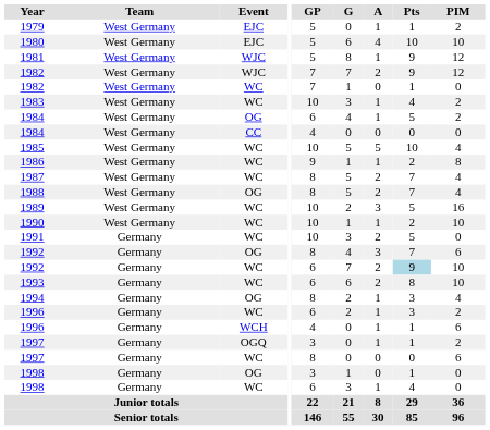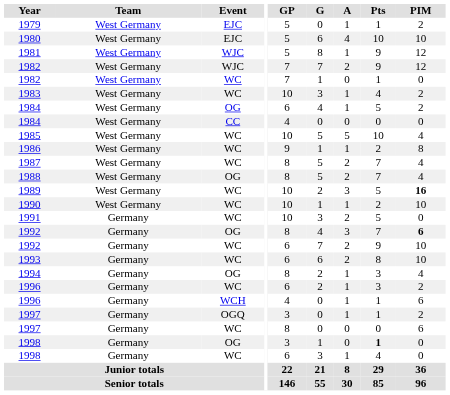 <table border="0" cellpadding="1" cellspacing="0" ID="Table3" style="text-align:center; width:40em">
 <tr bgcolor="#e0e0e0">
 <th>Year</th>
 <th>Team</th>
 <th>Event</th>
 <th rowspan="102" bgcolor="#ffffff"></th>
 <th>GP</th>
 <th>G</th>
 <th>A</th>
 <th>Pts</th>
 <th>PIM</th>
 </tr>
 <tr>
 <td><a href='#'>1979</a></td>
 <td><a href='#'>West Germany</a></td>
 <td><a href='#'>EJC</a></td>
 <td>5</td>
 <td>0</td>
 <td>1</td>
 <td>1</td>
 <td>2</td>
 </tr>
 <tr bgcolor="#f0f0f0">
 <td><a href='#'>1980</a></td>
 <td>West Germany</td>
 <td>EJC</td>
 <td>5</td>
 <td>6</td>
 <td>4</td>
 <td>10</td>
 <td>10</td>
 </tr>
 <tr>
 <td><a href='#'>1981</a></td>
 <td><a href='#'>West Germany</a></td>
 <td><a href='#'>WJC</a></td>
 <td>5</td>
 <td>8</td>
 <td>1</td>
 <td>9</td>
 <td>12</td>
 </tr>
 <tr bgcolor="#f0f0f0">
 <td><a href='#'>1982</a></td>
 <td>West Germany</td>
 <td>WJC</td>
 <td>7</td>
 <td>7</td>
 <td>2</td>
 <td>9</td>
 <td>12</td>
 </tr>
 <tr>
 <td><a href='#'>1982</a></td>
 <td><a href='#'>West Germany</a></td>
 <td><a href='#'>WC</a></td>
 <td>7</td>
 <td>1</td>
 <td>0</td>
 <td>1</td>
 <td>0</td>
 </tr>
 <tr bgcolor="#f0f0f0">
 <td><a href='#'>1983</a></td>
 <td>West Germany</td>
 <td>WC</td>
 <td>10</td>
 <td>3</td>
 <td>1</td>
 <td>4</td>
 <td>2</td>
 </tr>
 <tr>
 <td><a href='#'>1984</a></td>
 <td>West Germany</td>
 <td><a href='#'>OG</a></td>
 <td>6</td>
 <td>4</td>
 <td>1</td>
 <td>5</td>
 <td>2</td>
 </tr>
 <tr bgcolor="#f0f0f0">
 <td><a href='#'>1984</a></td>
 <td>West Germany</td>
 <td><a href='#'>CC</a></td>
 <td>4</td>
 <td>0</td>
 <td>0</td>
 <td>0</td>
 <td>0</td>
 </tr>
 <tr>
 <td><a href='#'>1985</a></td>
 <td>West Germany</td>
 <td>WC</td>
 <td>10</td>
 <td>5</td>
 <td>5</td>
 <td>10</td>
 <td>4</td>
 </tr>
 <tr bgcolor="#f0f0f0">
 <td><a href='#'>1986</a></td>
 <td>West Germany</td>
 <td>WC</td>
 <td>9</td>
 <td>1</td>
 <td>1</td>
 <td>2</td>
 <td>8</td>
 </tr>
 <tr>
 <td><a href='#'>1987</a></td>
 <td>West Germany</td>
 <td>WC</td>
 <td>8</td>
 <td>5</td>
 <td>2</td>
 <td>7</td>
 <td>4</td>
 </tr>
 <tr bgcolor="#f0f0f0">
 <td><a href='#'>1988</a></td>
 <td>West Germany</td>
 <td>OG</td>
 <td>8</td>
 <td>5</td>
 <td>2</td>
 <td>7</td>
 <td>4</td>
 </tr>
 <tr>
 <td><a href='#'>1989</a></td>
 <td>West Germany</td>
 <td>WC</td>
 <td>10</td>
 <td>2</td>
 <td>3</td>
 <td>5</td>
-<td>16</td>
+<td><strong>16</strong></td>
 </tr>
 <tr bgcolor="#f0f0f0">
 <td><a href='#'>1990</a></td>
 <td>West Germany</td>
 <td>WC</td>
 <td>10</td>
 <td>1</td>
 <td>1</td>
 <td>2</td>
 <td>10</td>
 </tr>
 <tr>
 <td><a href='#'>1991</a></td>
 <td>Germany</td>
 <td>WC</td>
 <td>10</td>
 <td>3</td>
 <td>2</td>
 <td>5</td>
 <td>0</td>
 </tr>
 <tr bgcolor="#f0f0f0">
 <td><a href='#'>1992</a></td>
 <td>Germany</td>
 <td>OG</td>
 <td>8</td>
 <td>4</td>
 <td>3</td>
 <td>7</td>
-<td>6</td>
+<td><strong>6</strong></td>
 </tr>
 <tr>
 <td><a href='#'>1992</a></td>
 <td>Germany</td>
 <td>WC</td>
 <td>6</td>
 <td>7</td>
 <td>2</td>
-<td style="background: lightblue;">9</td>
+<td>9</td>
 <td>10</td>
 </tr>
 <tr bgcolor="#f0f0f0">
 <td><a href='#'>1993</a></td>
 <td>Germany</td>
 <td>WC</td>
 <td>6</td>
 <td>6</td>
 <td>2</td>
 <td>8</td>
 <td>10</td>
 </tr>
 <tr>
 <td><a href='#'>1994</a></td>
 <td>Germany</td>
 <td>OG</td>
 <td>8</td>
 <td>2</td>
 <td>1</td>
 <td>3</td>
 <td>4</td>
 </tr>
 <tr bgcolor="#f0f0f0">
 <td><a href='#'>1996</a></td>
 <td>Germany</td>
 <td>WC</td>
 <td>6</td>
 <td>2</td>
 <td>1</td>
 <td>3</td>
 <td>2</td>
 </tr>
 <tr>
 <td><a href='#'>1996</a></td>
 <td>Germany</td>
 <td><a href='#'>WCH</a></td>
 <td>4</td>
 <td>0</td>
 <td>1</td>
 <td>1</td>
 <td>6</td>
 </tr>
 <tr bgcolor="#f0f0f0">
 <td><a href='#'>1997</a></td>
 <td>Germany</td>
 <td>OGQ</td>
 <td>3</td>
 <td>0</td>
 <td>1</td>
 <td>1</td>
 <td>2</td>
 </tr>
 <tr>
 <td><a href='#'>1997</a></td>
 <td>Germany</td>
 <td>WC</td>
 <td>8</td>
 <td>0</td>
 <td>0</td>
 <td>0</td>
 <td>6</td>
 </tr>
 <tr bgcolor="#f0f0f0">
 <td><a href='#'>1998</a></td>
 <td>Germany</td>
 <td>OG</td>
 <td>3</td>
 <td>1</td>
 <td>0</td>
-<td>1</td>
+<td><strong>1</strong></td>
 <td>0</td>
 </tr>
 <tr>
 <td><a href='#'>1998</a></td>
 <td>Germany</td>
 <td>WC</td>
 <td>6</td>
 <td>3</td>
 <td>1</td>
 <td>4</td>
 <td>0</td>
 </tr>
 <tr bgcolor="#e0e0e0">
 <th colspan="3">Junior totals</th>
 <th>22</th>
 <th>21</th>
 <th>8</th>
 <th>29</th>
 <th>36</th>
 </tr>
 <tr bgcolor="#e0e0e0">
 <th colspan="3">Senior totals</th>
 <th>146</th>
 <th>55</th>
 <th>30</th>
 <th>85</th>
 <th>96</th>
 </tr>
 </table>
